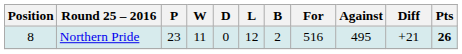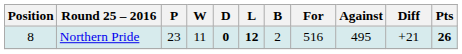 <table class="wikitable" style="text-align:center; font-size:85%;">
 <tr>
 <th width=40 abbr="Position">Position</th>
 <th width=100>Round 25 – 2016</th>
 <th width=20 abbr="Played">P</th>
 <th width=20 abbr="Won">W</th>
 <th width=20 abbr="Drawn">D</th>
 <th width=20 abbr="Lost">L</th>
 <th width=20 abbr="Bye">B</th>
 <th width=40 abbr="Points for">For</th>
 <th width=40 abbr="Points against">Against</th>
 <th width=40 abbr="Points difference">Diff</th>
 <th width=20 abbr="Points">Pts</th>
 </tr>
 <tr style="background: #d7ebed;">
 <td>8</td>
 <td style="text-align:left;"> <a href='#'>Northern Pride</a></td>
 <td>23</td>
 <td>11</td>
-<td>0</td>
-<td>12</td>
+<td><strong>0</strong></td>
+<td><strong>12</strong></td>
 <td>2</td>
 <td>516</td>
 <td>495</td>
 <td>+21</td>
 <td><strong>26</strong></td>
 </tr>
 <tr>
 </tr>
 </table>
